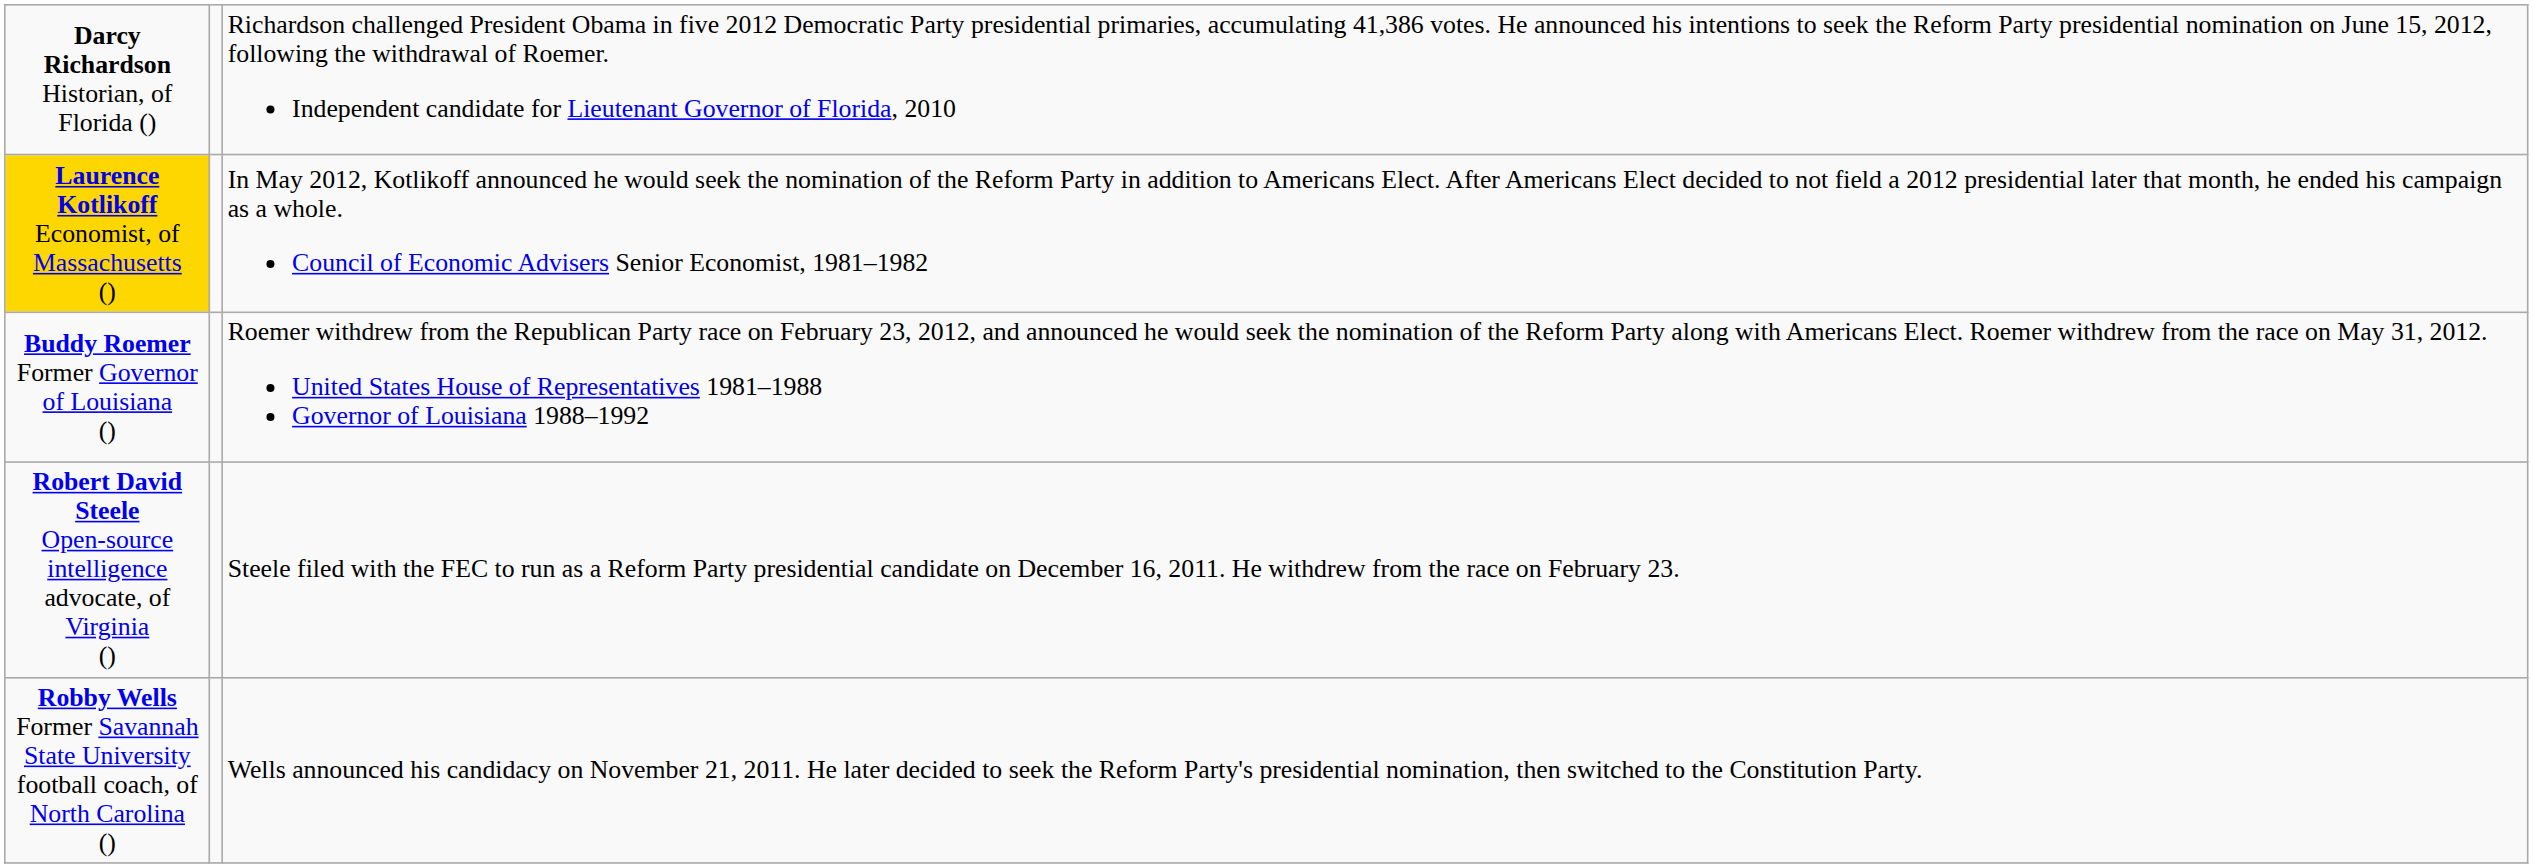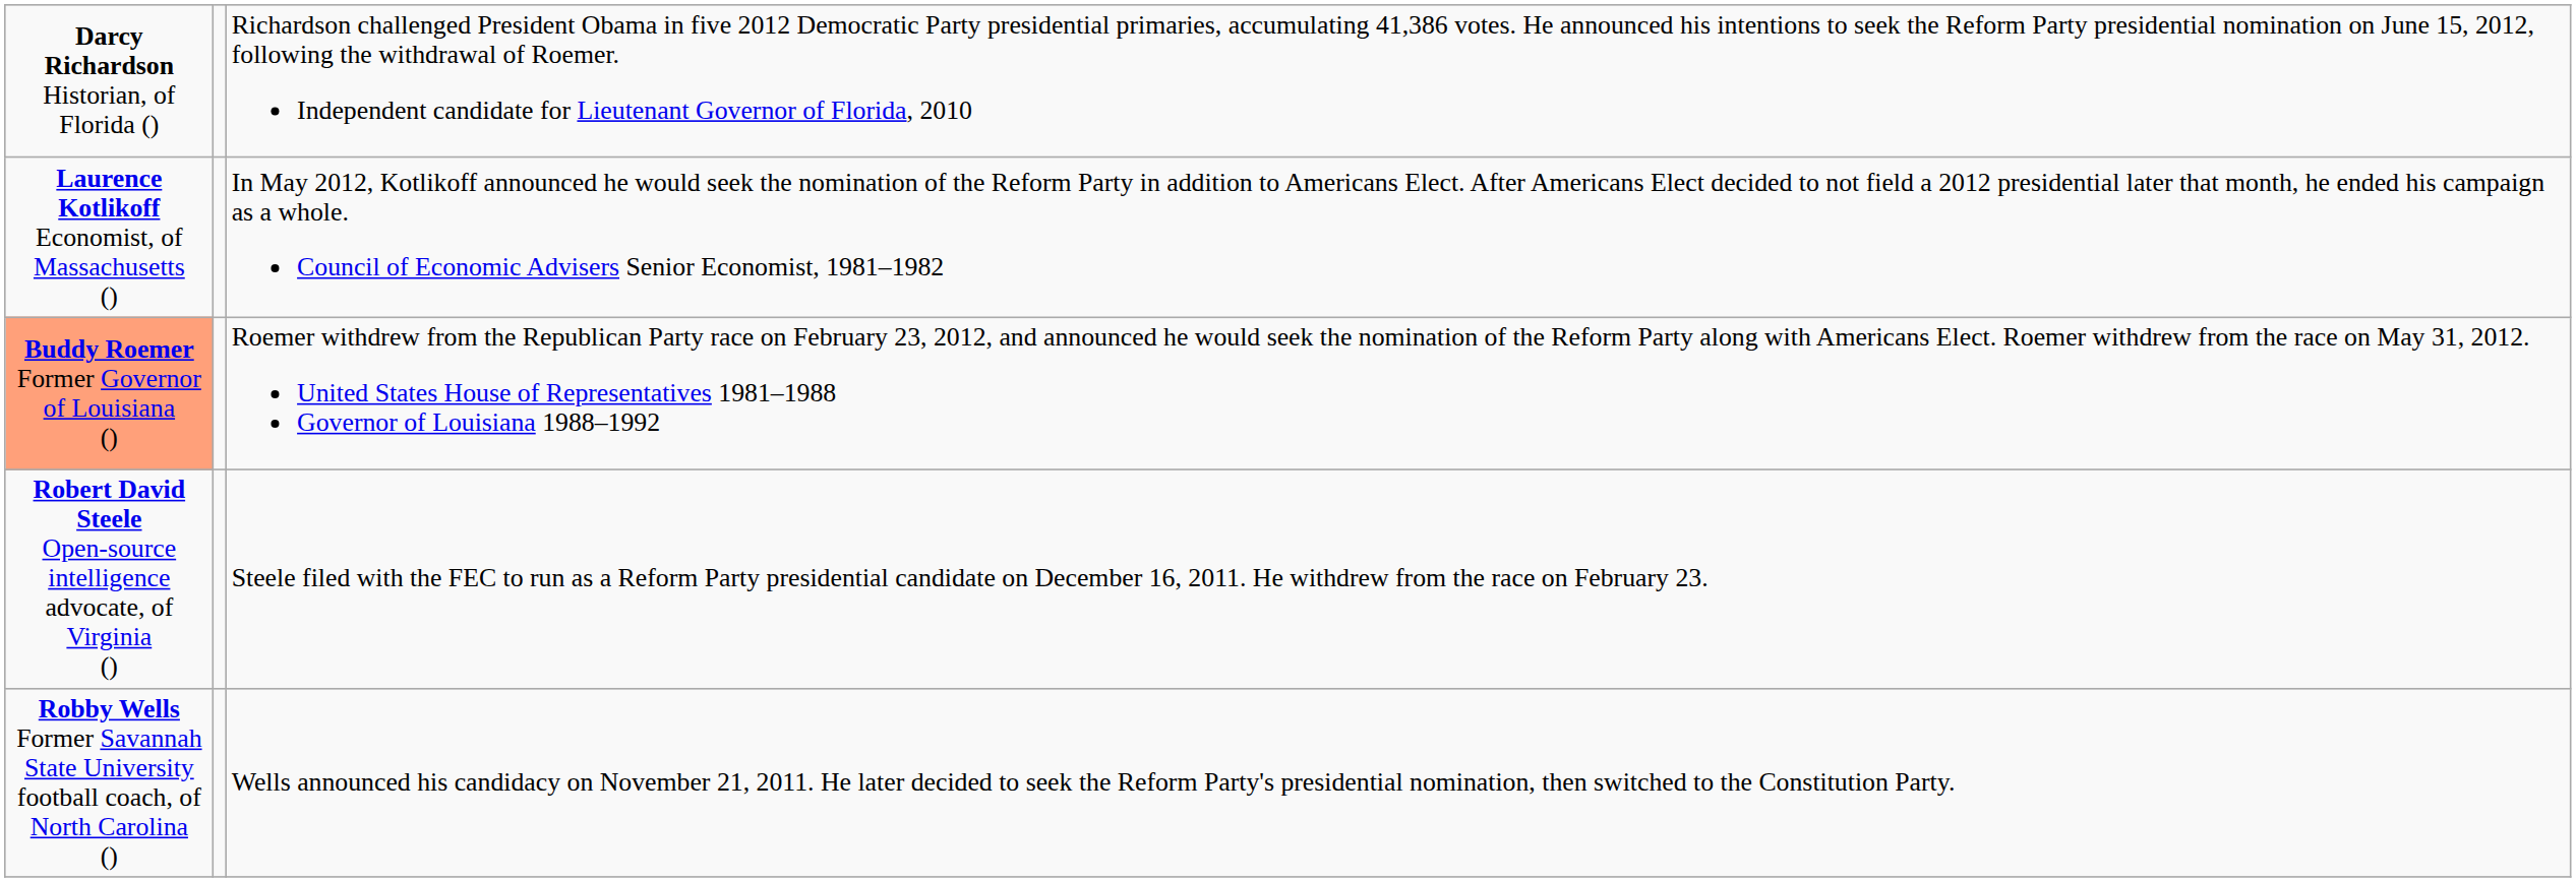 <table class=wikitable>
 <tr>
 <td style="text-align:center; width:120px;"><strong>Darcy Richardson</strong><br>Historian, of Florida ()</td>
 <td></td>
 <td>Richardson challenged President Obama in five 2012 Democratic Party presidential primaries, accumulating 41,386 votes. He announced his intentions to seek the Reform Party presidential nomination on June 15, 2012, following the withdrawal of Roemer.<br><ul><li>Independent candidate for <a href='#'>Lieutenant Governor of Florida</a>, 2010</li></ul></td>
 </tr>
 <tr>
-<td style="background: gold; text-align:center; width:120px;"><strong><a href='#'>Laurence Kotlikoff</a></strong><br>Economist, of <a href='#'>Massachusetts</a><br>()</td>
+<td style="text-align:center; width:120px;"><strong><a href='#'>Laurence Kotlikoff</a></strong><br>Economist, of <a href='#'>Massachusetts</a><br>()</td>
 <td></td>
 <td>In May 2012, Kotlikoff announced he would seek the nomination of the Reform Party in addition to Americans Elect. After Americans Elect decided to not field a 2012 presidential later that month, he ended his campaign as a whole.<br><ul><li><a href='#'>Council of Economic Advisers</a> Senior Economist, 1981–1982</li></ul></td>
 </tr>
 <tr>
-<td style="text-align:center; width:120px;"><strong><a href='#'>Buddy Roemer</a></strong><br>Former <a href='#'>Governor of Louisiana</a><br>()</td>
+<td style="background: lightsalmon; text-align:center; width:120px;"><strong><a href='#'>Buddy Roemer</a></strong><br>Former <a href='#'>Governor of Louisiana</a><br>()</td>
 <td></td>
 <td>Roemer withdrew from the Republican Party race on February 23, 2012, and announced he would seek the nomination of the Reform Party along with Americans Elect. Roemer withdrew from the race on May 31, 2012.<br><ul><li><a href='#'>United States House of Representatives</a> 1981–1988</li><li><a href='#'>Governor of Louisiana</a> 1988–1992</li></ul></td>
 </tr>
 <tr>
 <td style="text-align:center; width:120px;"><strong><a href='#'>Robert David Steele</a></strong><br><a href='#'>Open-source intelligence</a> advocate, of <a href='#'>Virginia</a><br>()</td>
 <td></td>
 <td>Steele filed with the FEC to run as a Reform Party presidential candidate on December 16, 2011. He withdrew from the race on February 23.</td>
 </tr>
 <tr>
 <td style="text-align:center; width:120px;"><strong><a href='#'>Robby Wells</a></strong><br>Former <a href='#'>Savannah State University</a> football coach, of <a href='#'>North Carolina</a><br>()</td>
 <td></td>
 <td>Wells announced his candidacy on November 21, 2011. He later decided to seek the Reform Party's presidential nomination, then switched to the Constitution Party.</td>
 </tr>
 </table>
